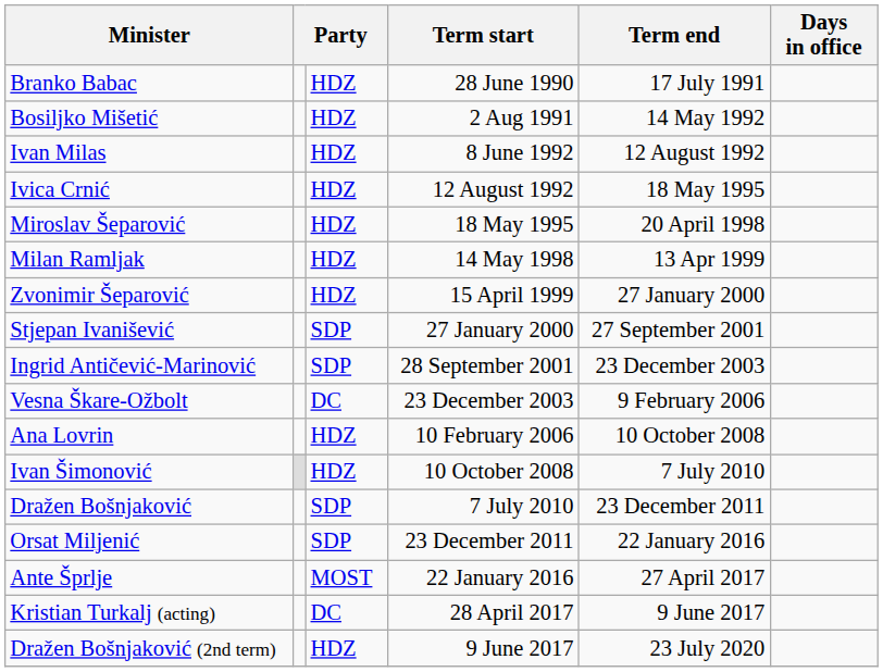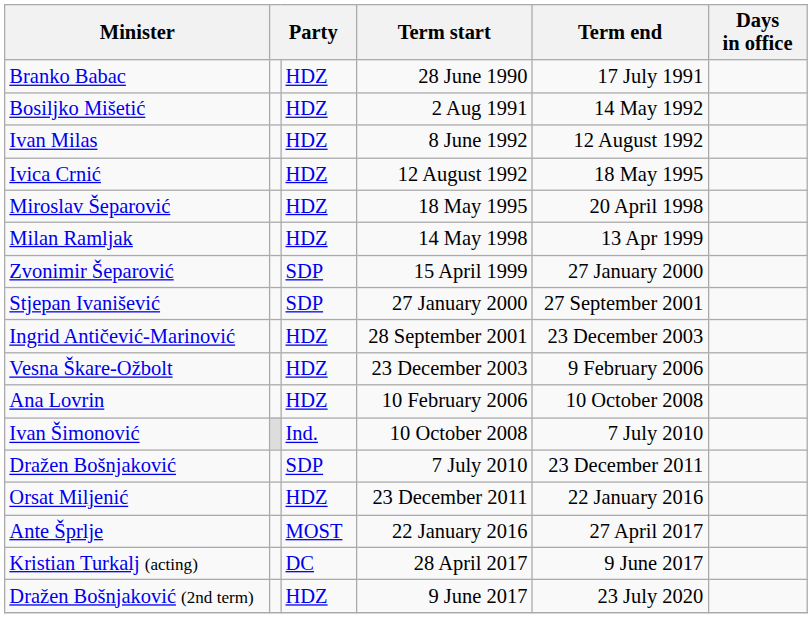 <table class="wikitable" style="text-align: left;">
 <tr>
 <th width="200">Minister</th>
 <th colspan=2 width="60">Party</th>
 <th width="130">Term start</th>
 <th width="130">Term end</th>
 <th width=70>Days<br> in office</th>
 </tr>
 <tr>
 <td><a href='#'>Branko Babac</a></td>
 <td style="background-color: "></td>
 <td><a href='#'>HDZ</a></td>
 <td align=right>28 June 1990</td>
 <td align=right>17 July 1991</td>
 <td align=right></td>
 </tr>
 <tr>
 <td><a href='#'>Bosiljko Mišetić</a></td>
 <td style="background-color: "></td>
 <td><a href='#'>HDZ</a></td>
 <td align=right>2 Aug 1991</td>
 <td align=right>14 May 1992</td>
 <td align=right></td>
 </tr>
 <tr>
 <td><a href='#'>Ivan Milas</a></td>
 <td style="background-color: "></td>
 <td><a href='#'>HDZ</a></td>
 <td align=right>8 June 1992</td>
 <td align=right>12 August 1992</td>
 <td align=right></td>
 </tr>
 <tr>
 <td><a href='#'>Ivica Crnić</a></td>
 <td style="background-color: "></td>
 <td><a href='#'>HDZ</a></td>
 <td align=right>12 August 1992</td>
 <td align=right>18 May 1995</td>
 <td align=right></td>
 </tr>
 <tr>
 <td><a href='#'>Miroslav Šeparović</a></td>
 <td style="background-color: "></td>
 <td><a href='#'>HDZ</a></td>
 <td align=right>18 May 1995</td>
 <td align=right>20 April 1998</td>
 <td align=right></td>
 </tr>
 <tr>
 <td><a href='#'>Milan Ramljak</a></td>
 <td style="background-color: "></td>
 <td><a href='#'>HDZ</a></td>
 <td align=right>14 May 1998</td>
 <td align=right>13 Apr 1999</td>
 <td align=right></td>
 </tr>
 <tr>
 <td><a href='#'>Zvonimir Šeparović</a></td>
 <td style="background-color: "></td>
-<td><a href='#'>HDZ</a></td>
+<td><a href='#'>SDP</a></td>
 <td align=right>15 April 1999</td>
 <td align=right>27 January 2000</td>
 <td align=right></td>
 </tr>
 <tr>
 <td><a href='#'>Stjepan Ivanišević</a></td>
 <td style="background-color: "></td>
 <td><a href='#'>SDP</a></td>
 <td align=right>27 January 2000</td>
 <td align=right>27 September 2001</td>
 <td align=right></td>
 </tr>
 <tr>
 <td><a href='#'>Ingrid Antičević-Marinović</a></td>
 <td style="background-color: "></td>
-<td><a href='#'>SDP</a></td>
+<td><a href='#'>HDZ</a></td>
 <td align=right>28 September 2001</td>
 <td align=right>23 December 2003</td>
 <td align=right></td>
 </tr>
 <tr>
 <td><a href='#'>Vesna Škare-Ožbolt</a></td>
 <td style="background-color: "></td>
-<td><a href='#'>DC</a></td>
+<td><a href='#'>HDZ</a></td>
 <td align=right>23 December 2003</td>
 <td align=right>9 February 2006</td>
 <td align=right></td>
 </tr>
 <tr>
 <td><a href='#'>Ana Lovrin</a></td>
 <td style="background-color: "></td>
 <td><a href='#'>HDZ</a></td>
 <td align=right>10 February 2006</td>
 <td align=right>10 October 2008</td>
 <td align=right></td>
 </tr>
 <tr>
 <td><a href='#'>Ivan Šimonović</a></td>
 <td style="background-color: #DDDDDD" width="1px"></td>
-<td><a href='#'>HDZ</a></td>
+<td><a href='#'>Ind.</a></td>
 <td align=right>10 October 2008</td>
 <td align=right>7 July 2010</td>
 <td align=right></td>
 </tr>
 <tr>
 <td><a href='#'>Dražen Bošnjaković</a></td>
 <td style="background-color: "></td>
 <td><a href='#'>SDP</a></td>
 <td align=right>7 July 2010</td>
 <td align=right>23 December 2011</td>
 <td align=right></td>
 </tr>
 <tr>
 <td><a href='#'>Orsat Miljenić</a></td>
 <td style="background-color: "></td>
-<td><a href='#'>SDP</a></td>
+<td><a href='#'>HDZ</a></td>
 <td align=right>23 December 2011</td>
 <td align=right>22 January 2016</td>
 <td align=right></td>
 </tr>
 <tr>
 <td><a href='#'>Ante Šprlje</a></td>
 <td style="background-color: "></td>
 <td><a href='#'>MOST</a></td>
 <td align=right>22 January 2016</td>
 <td align=right>27 April 2017</td>
 <td align=right></td>
 </tr>
 <tr>
 <td><a href='#'>Kristian Turkalj</a> <small>(acting)</small></td>
 <td style="background-color: "></td>
 <td><a href='#'>DC</a></td>
 <td align=right>28 April 2017</td>
 <td align=right>9 June 2017</td>
 <td align=right></td>
 </tr>
 <tr>
 <td><a href='#'>Dražen Bošnjaković</a> <small>(2nd term)</small></td>
 <td style="background-color: "></td>
 <td><a href='#'>HDZ</a></td>
 <td align=right>9 June 2017</td>
 <td align=right>23 July 2020</td>
 <td align=right></td>
 </tr>
 <tr>
 </tr>
 </table>
